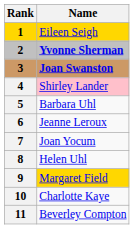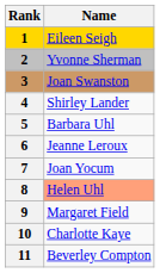 <table class="wikitable">
 <tr>
 <th>Rank</th>
 <th>Name</th>
 </tr>
 <tr bgcolor="gold">
 <td align="center"><strong>1</strong></td>
 <td><a href='#'>Eileen Seigh</a></td>
 </tr>
 <tr bgcolor="silver">
 <td align="center"><strong>2</strong></td>
-<td><strong><a href='#'>Yvonne Sherman</a></strong></td>
+<td><a href='#'>Yvonne Sherman</a></td>
 </tr>
 <tr bgcolor="cc9966">
 <td align="center"><strong>3</strong></td>
-<td><strong><a href='#'>Joan Swanston</a></strong></td>
+<td><a href='#'>Joan Swanston</a></td>
 </tr>
 <tr>
 <th>4</th>
-<td style="background: pink;"><a href='#'>Shirley Lander</a></td>
+<td><a href='#'>Shirley Lander</a></td>
 </tr>
 <tr>
 <th>5</th>
 <td><a href='#'>Barbara Uhl</a></td>
 </tr>
 <tr>
 <th>6</th>
 <td><a href='#'>Jeanne Leroux</a></td>
 </tr>
 <tr>
 <th>7</th>
 <td><a href='#'>Joan Yocum</a></td>
 </tr>
 <tr>
 <th>8</th>
-<td><a href='#'>Helen Uhl</a></td>
+<td style="background: lightsalmon;"><a href='#'>Helen Uhl</a></td>
 </tr>
 <tr>
 <th>9</th>
-<td style="background: gold;"><a href='#'>Margaret Field</a></td>
+<td><a href='#'>Margaret Field</a></td>
 </tr>
 <tr>
 <th>10</th>
 <td><a href='#'>Charlotte Kaye</a></td>
 </tr>
 <tr>
 <th>11</th>
 <td><a href='#'>Beverley Compton</a></td>
 </tr>
 </table>
